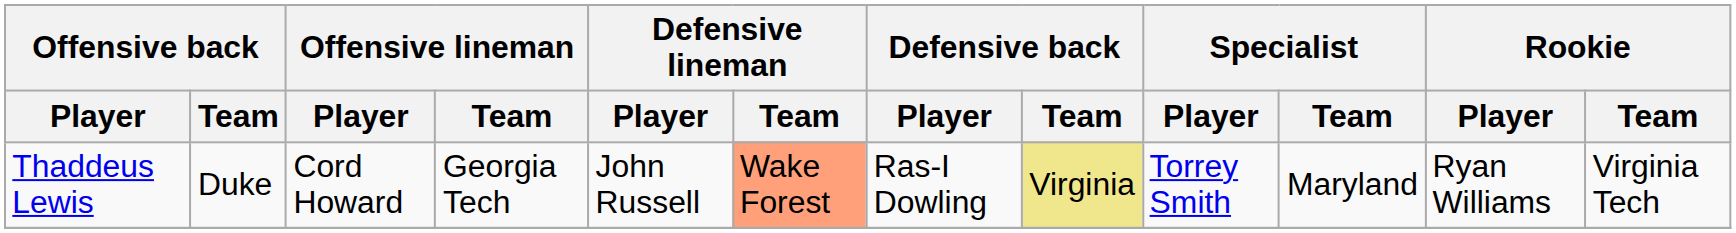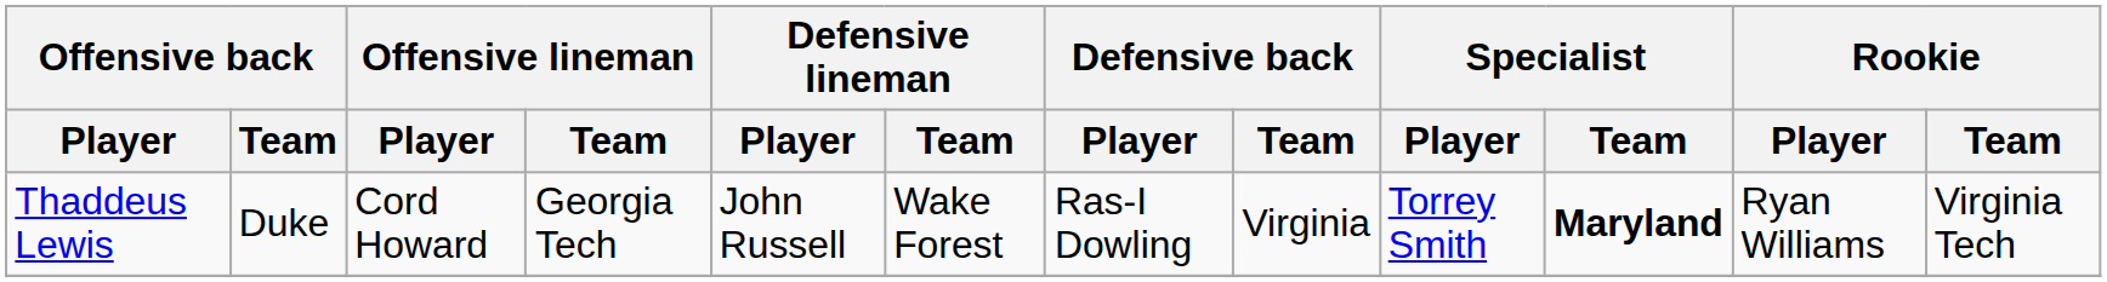 <table class="wikitable" border="1">
 <tr>
 <th colspan="2">Offensive back</th>
 <th colspan="2">Offensive lineman</th>
 <th colspan="2">Defensive lineman</th>
 <th colspan="2">Defensive back</th>
 <th colspan="2">Specialist</th>
 <th colspan="2">Rookie</th>
 </tr>
 <tr>
 <th>Player</th>
 <th>Team</th>
 <th>Player</th>
 <th>Team</th>
 <th>Player</th>
 <th>Team</th>
 <th>Player</th>
 <th>Team</th>
 <th>Player</th>
 <th>Team</th>
 <th>Player</th>
 <th>Team</th>
 </tr>
 <tr>
 <td><a href='#'>Thaddeus Lewis</a></td>
 <td>Duke</td>
 <td>Cord Howard</td>
 <td>Georgia Tech</td>
 <td>John Russell</td>
-<td style="background: lightsalmon;">Wake Forest</td>
+<td>Wake Forest</td>
 <td>Ras-I Dowling</td>
-<td style="background: khaki;">Virginia</td>
+<td>Virginia</td>
 <td><a href='#'>Torrey Smith</a></td>
-<td>Maryland</td>
+<td><strong>Maryland</strong></td>
 <td>Ryan Williams</td>
 <td>Virginia Tech</td>
 </tr>
 <tr>
 </tr>
 </table>
